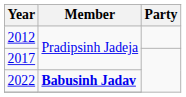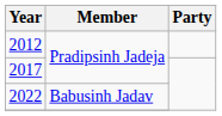 <table class="wikitable sortable">
 <tr>
 <th>Year</th>
 <th>Member</th>
 <th colspan="2">Party</th>
 </tr>
 <tr>
 <td><a href='#'>2012</a></td>
 <td rowspan="2"><a href='#'>Pradipsinh Jadeja</a></td>
 <td></td>
 </tr>
 <tr>
 <td><a href='#'>2017</a></td>
 </tr>
 <tr>
 <td><a href='#'>2022</a></td>
-<td><strong><a href='#'>Babusinh Jadav</a></strong></td>
+<td><a href='#'>Babusinh Jadav</a></td>
 </tr>
 <tr>
 </tr>
 </table>
